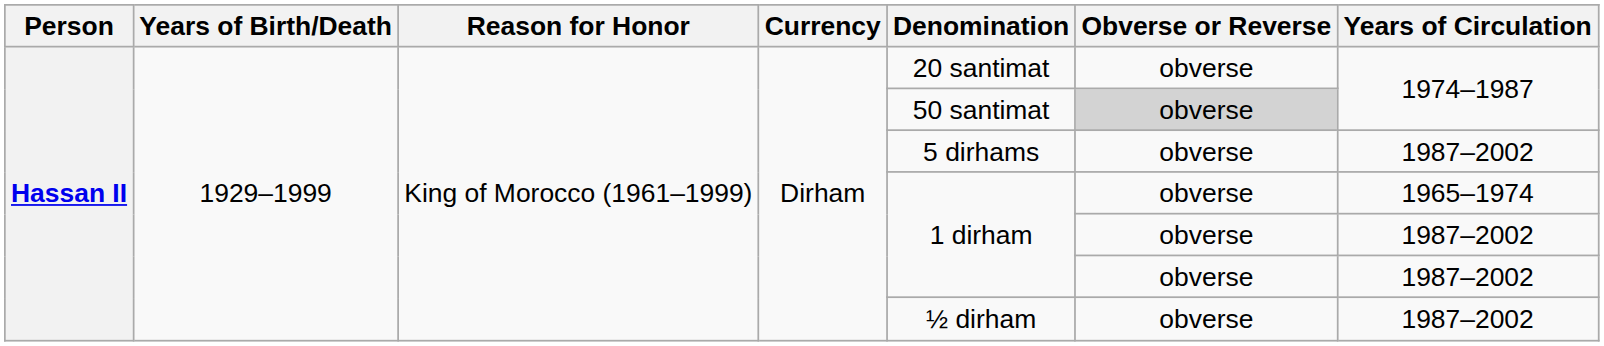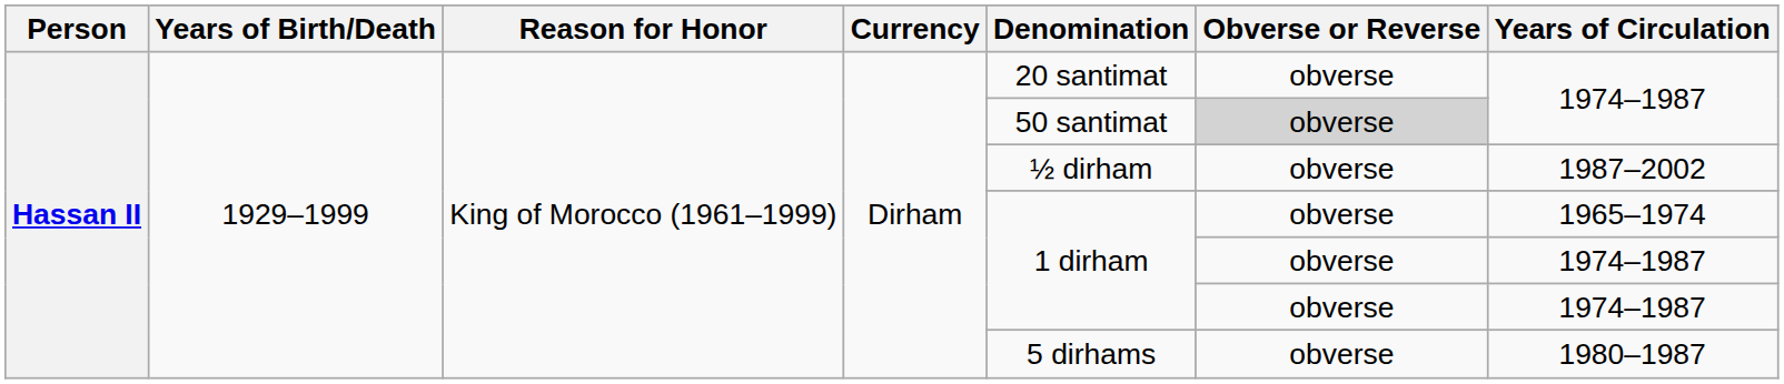 <table class="wikitable" style="font-size:95%; text-align:center;">
 <tr>
 <th>Person</th>
 <th>Years of Birth/Death</th>
 <th>Reason for Honor</th>
 <th>Currency</th>
 <th>Denomination</th>
 <th>Obverse or Reverse</th>
 <th>Years of Circulation</th>
 </tr>
 <tr>
 <th rowspan="7"><a href='#'>Hassan II</a></th>
 <td rowspan="7">1929–1999</td>
 <td rowspan="7">King of Morocco (1961–1999)</td>
 <td rowspan="7">Dirham</td>
 <td>20 santimat</td>
 <td>obverse</td>
 <td rowspan="2">1974–1987</td>
 </tr>
 <tr>
 <td>50 santimat</td>
 <td style="background: lightgrey;">obverse</td>
 </tr>
 <tr>
-<td>5 dirhams</td>
+<td>½ dirham</td>
 <td>obverse</td>
 <td>1987–2002</td>
 </tr>
 <tr>
 <td rowspan="3">1 dirham</td>
 <td>obverse</td>
 <td>1965–1974</td>
 </tr>
 <tr>
 <td>obverse</td>
-<td>1987–2002</td>
+<td>1974–1987</td>
 </tr>
 <tr>
 <td>obverse</td>
-<td>1987–2002</td>
+<td>1974–1987</td>
 </tr>
 <tr>
-<td>½ dirham</td>
+<td>5 dirhams</td>
 <td>obverse</td>
-<td>1987–2002</td>
+<td>1980–1987</td>
 </tr>
 </table>
